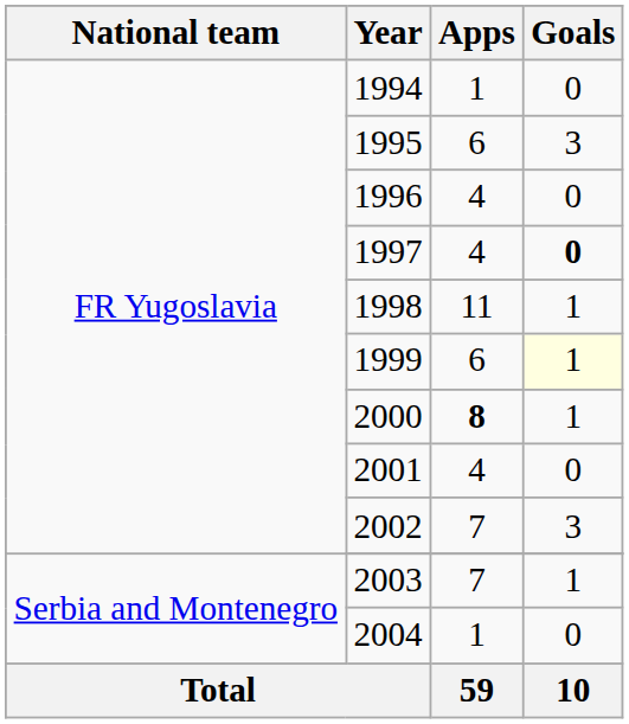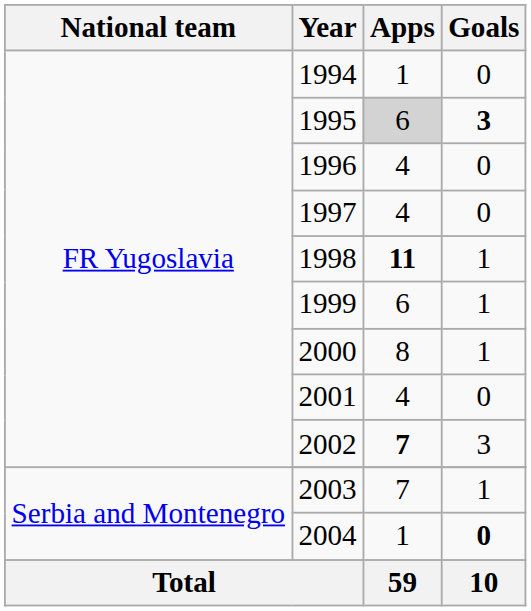 <table class="wikitable" style="text-align:center">
 <tr>
 <th>National team</th>
 <th>Year</th>
 <th>Apps</th>
 <th>Goals</th>
 </tr>
 <tr>
 <td rowspan="9"><a href='#'>FR Yugoslavia</a></td>
 <td>1994</td>
 <td>1</td>
 <td>0</td>
 </tr>
 <tr>
 <td>1995</td>
-<td>6</td>
-<td>3</td>
+<td style="background: lightgrey;">6</td>
+<td><strong>3</strong></td>
 </tr>
 <tr>
 <td>1996</td>
 <td>4</td>
 <td>0</td>
 </tr>
 <tr>
 <td>1997</td>
 <td>4</td>
-<td><strong>0</strong></td>
+<td>0</td>
 </tr>
 <tr>
 <td>1998</td>
-<td>11</td>
+<td><strong>11</strong></td>
 <td>1</td>
 </tr>
 <tr>
 <td>1999</td>
 <td>6</td>
-<td style="background: lightyellow;">1</td>
+<td>1</td>
 </tr>
 <tr>
 <td>2000</td>
-<td><strong>8</strong></td>
+<td>8</td>
 <td>1</td>
 </tr>
 <tr>
 <td>2001</td>
 <td>4</td>
 <td>0</td>
 </tr>
 <tr>
 <td>2002</td>
-<td>7</td>
+<td><strong>7</strong></td>
 <td>3</td>
 </tr>
 <tr>
 <td rowspan="3"><a href='#'>Serbia and Montenegro</a></td>
 </tr>
 <tr>
 <td>2003</td>
 <td>7</td>
 <td>1</td>
 </tr>
 <tr>
 <td>2004</td>
 <td>1</td>
-<td>0</td>
+<td><strong>0</strong></td>
 </tr>
 <tr>
 <th colspan="2">Total</th>
 <th>59</th>
 <th>10</th>
 </tr>
 </table>
